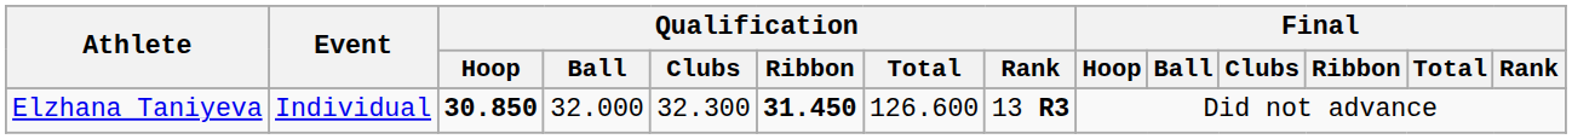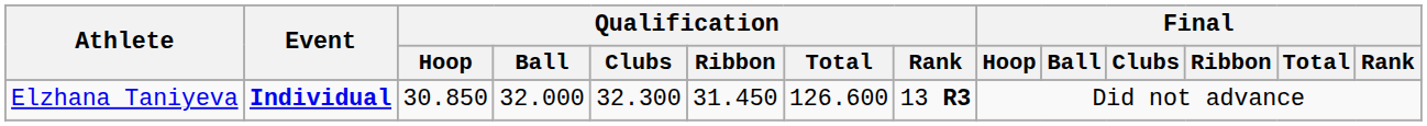 <table class=wikitable style="font-size:90%">
 <tr>
 <th rowspan=2>Athlete</th>
 <th rowspan=2>Event</th>
 <th colspan=6>Qualification</th>
 <th colspan=6>Final</th>
 </tr>
 <tr style="font-size:95%">
 <th>Hoop</th>
 <th>Ball</th>
 <th>Clubs</th>
 <th>Ribbon</th>
 <th>Total</th>
 <th>Rank</th>
 <th>Hoop</th>
 <th>Ball</th>
 <th>Clubs</th>
 <th>Ribbon</th>
 <th>Total</th>
 <th>Rank</th>
 </tr>
 <tr align=center>
 <td align=left><a href='#'>Elzhana Taniyeva</a></td>
-<td align=left><a href='#'>Individual</a></td>
-<td><strong>30.850</strong></td>
+<td align=left><strong><a href='#'>Individual</a></strong></td>
+<td>30.850</td>
 <td>32.000</td>
 <td>32.300</td>
-<td><strong>31.450</strong></td>
+<td>31.450</td>
 <td>126.600</td>
 <td>13 <strong>R3</strong></td>
 <td colspan=6>Did not advance</td>
 </tr>
 </table>
